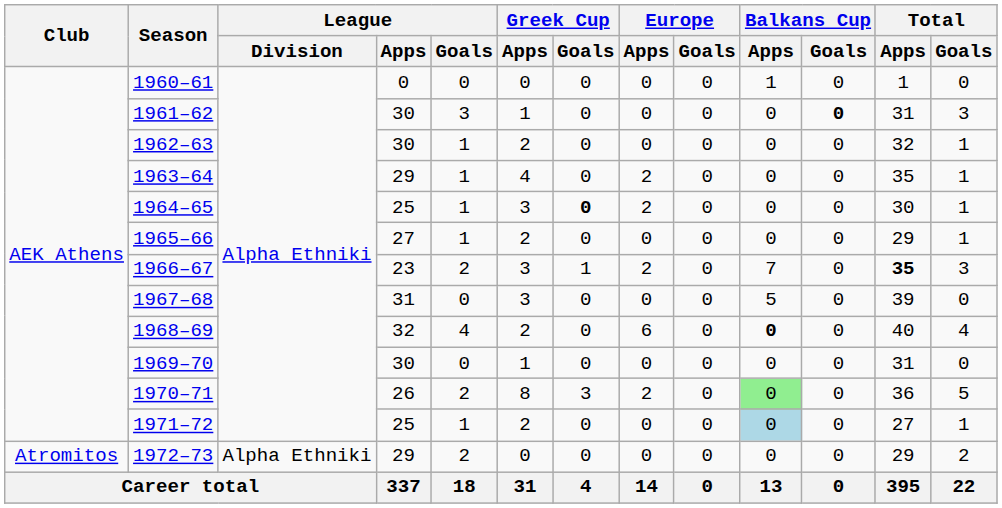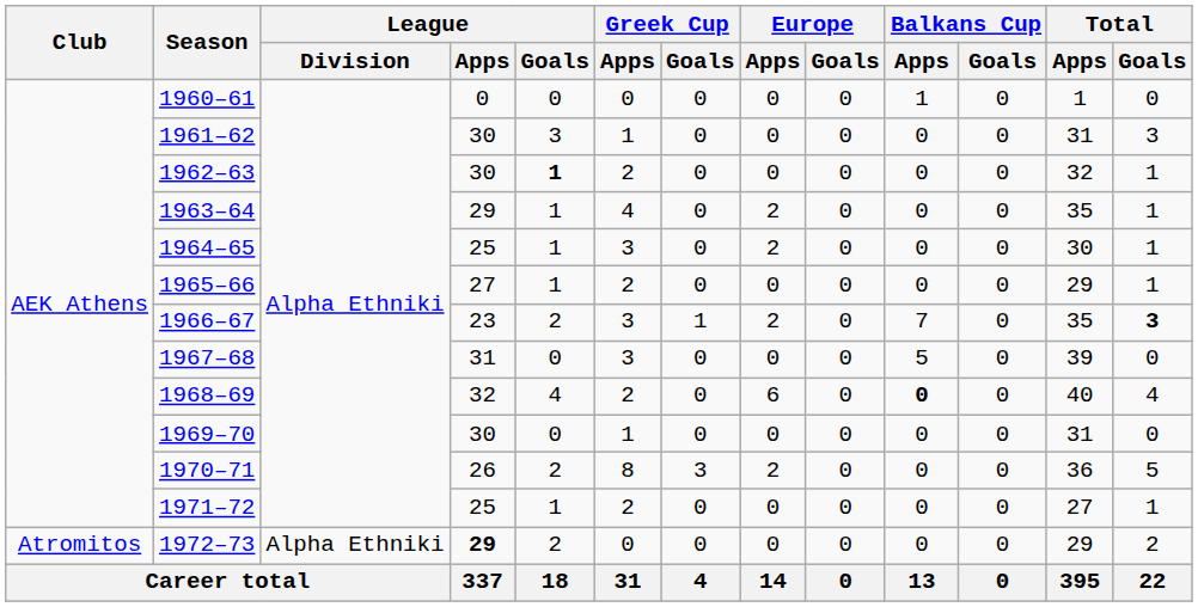 <table class="wikitable" style="text-align:center">
 <tr>
 <th rowspan="2">Club</th>
 <th rowspan="2">Season</th>
 <th colspan="3">League</th>
 <th colspan="2"><a href='#'>Greek Cup</a></th>
 <th colspan="2"><a href='#'>Europe</a></th>
 <th colspan="2"><a href='#'>Balkans Cup</a></th>
 <th colspan="2">Total</th>
 </tr>
 <tr>
 <th>Division</th>
 <th>Apps</th>
 <th>Goals</th>
 <th>Apps</th>
 <th>Goals</th>
 <th>Apps</th>
 <th>Goals</th>
 <th>Apps</th>
 <th>Goals</th>
 <th>Apps</th>
 <th>Goals</th>
 </tr>
 <tr>
 <td rowspan="12"><a href='#'>AEK Athens</a></td>
 <td><a href='#'>1960–61</a></td>
 <td rowspan="12"><a href='#'>Alpha Ethniki</a></td>
 <td>0</td>
 <td>0</td>
 <td>0</td>
 <td>0</td>
 <td>0</td>
 <td>0</td>
 <td>1</td>
 <td>0</td>
 <td>1</td>
 <td>0</td>
 </tr>
 <tr>
 <td><a href='#'>1961–62</a></td>
 <td>30</td>
 <td>3</td>
 <td>1</td>
 <td>0</td>
 <td>0</td>
 <td>0</td>
 <td>0</td>
-<td><strong>0</strong></td>
+<td>0</td>
 <td>31</td>
 <td>3</td>
 </tr>
 <tr>
 <td><a href='#'>1962–63</a></td>
 <td>30</td>
-<td>1</td>
+<td><strong>1</strong></td>
 <td>2</td>
 <td>0</td>
 <td>0</td>
 <td>0</td>
 <td>0</td>
 <td>0</td>
 <td>32</td>
 <td>1</td>
 </tr>
 <tr>
 <td><a href='#'>1963–64</a></td>
 <td>29</td>
 <td>1</td>
 <td>4</td>
 <td>0</td>
 <td>2</td>
 <td>0</td>
 <td>0</td>
 <td>0</td>
 <td>35</td>
 <td>1</td>
 </tr>
 <tr>
 <td><a href='#'>1964–65</a></td>
 <td>25</td>
 <td>1</td>
 <td>3</td>
-<td><strong>0</strong></td>
+<td>0</td>
 <td>2</td>
 <td>0</td>
 <td>0</td>
 <td>0</td>
 <td>30</td>
 <td>1</td>
 </tr>
 <tr>
 <td><a href='#'>1965–66</a></td>
 <td>27</td>
 <td>1</td>
 <td>2</td>
 <td>0</td>
 <td>0</td>
 <td>0</td>
 <td>0</td>
 <td>0</td>
 <td>29</td>
 <td>1</td>
 </tr>
 <tr>
 <td><a href='#'>1966–67</a></td>
 <td>23</td>
 <td>2</td>
 <td>3</td>
 <td>1</td>
 <td>2</td>
 <td>0</td>
 <td>7</td>
 <td>0</td>
-<td><strong>35</strong></td>
-<td>3</td>
+<td>35</td>
+<td><strong>3</strong></td>
 </tr>
 <tr>
 <td><a href='#'>1967–68</a></td>
 <td>31</td>
 <td>0</td>
 <td>3</td>
 <td>0</td>
 <td>0</td>
 <td>0</td>
 <td>5</td>
 <td>0</td>
 <td>39</td>
 <td>0</td>
 </tr>
 <tr>
 <td><a href='#'>1968–69</a></td>
 <td>32</td>
 <td>4</td>
 <td>2</td>
 <td>0</td>
 <td>6</td>
 <td>0</td>
 <td><strong>0</strong></td>
 <td>0</td>
 <td>40</td>
 <td>4</td>
 </tr>
 <tr>
 <td><a href='#'>1969–70</a></td>
 <td>30</td>
 <td>0</td>
 <td>1</td>
 <td>0</td>
 <td>0</td>
 <td>0</td>
 <td>0</td>
 <td>0</td>
 <td>31</td>
 <td>0</td>
 </tr>
 <tr>
 <td><a href='#'>1970–71</a></td>
 <td>26</td>
 <td>2</td>
 <td>8</td>
 <td>3</td>
 <td>2</td>
 <td>0</td>
-<td style="background: lightgreen;">0</td>
+<td>0</td>
 <td>0</td>
 <td>36</td>
 <td>5</td>
 </tr>
 <tr>
 <td><a href='#'>1971–72</a></td>
 <td>25</td>
 <td>1</td>
 <td>2</td>
 <td>0</td>
 <td>0</td>
 <td>0</td>
-<td style="background: lightblue;">0</td>
+<td>0</td>
 <td>0</td>
 <td>27</td>
 <td>1</td>
 </tr>
 <tr>
 <td><a href='#'>Atromitos</a></td>
 <td><a href='#'>1972–73</a></td>
 <td>Alpha Ethniki</td>
-<td>29</td>
+<td><strong>29</strong></td>
 <td>2</td>
 <td>0</td>
 <td>0</td>
 <td>0</td>
 <td>0</td>
 <td>0</td>
 <td>0</td>
 <td>29</td>
 <td>2</td>
 </tr>
 <tr>
 <th colspan="3">Career total</th>
 <th>337</th>
 <th>18</th>
 <th>31</th>
 <th>4</th>
 <th>14</th>
 <th>0</th>
 <th>13</th>
 <th>0</th>
 <th>395</th>
 <th>22</th>
 </tr>
 </table>
